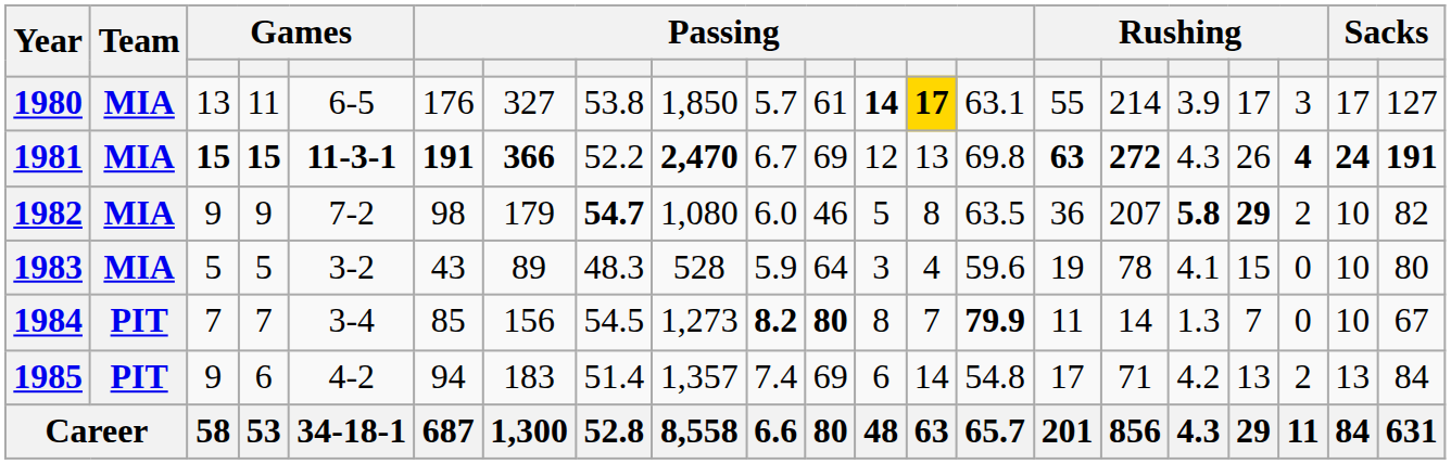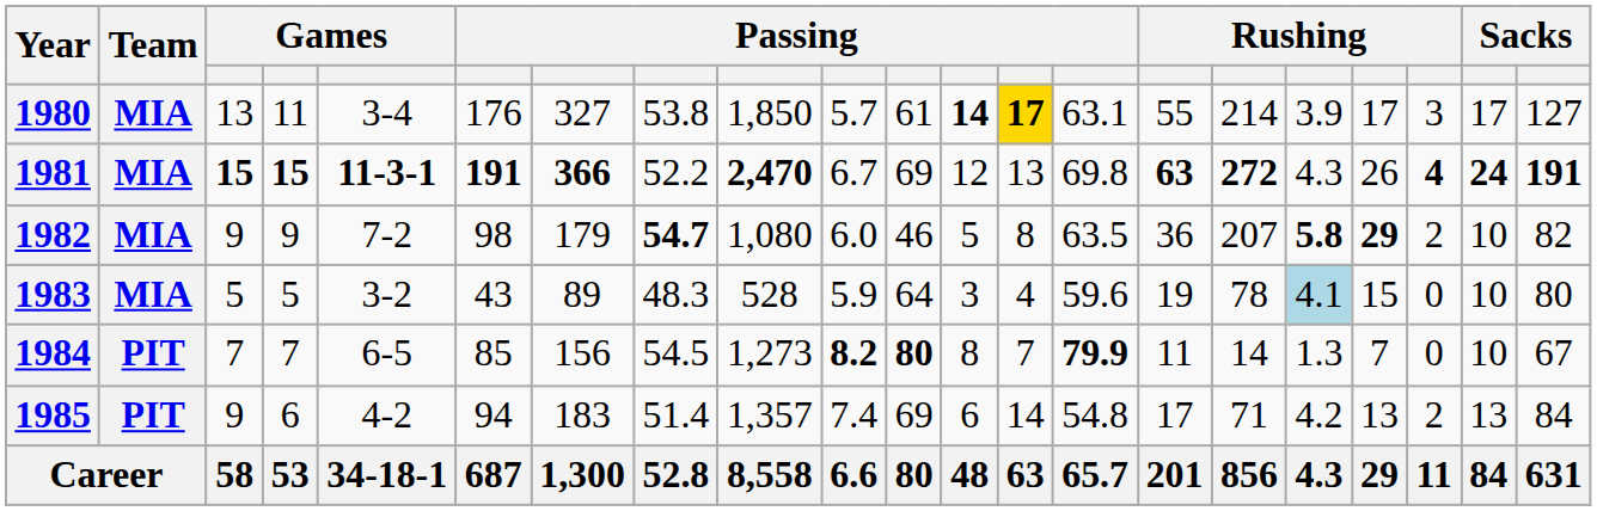 <table class="wikitable" style="text-align:center;">
 <tr>
 <th rowspan="2">Year</th>
 <th rowspan="2">Team</th>
 <th colspan="3">Games</th>
 <th colspan="9">Passing</th>
 <th colspan="5">Rushing</th>
 <th colspan="2">Sacks</th>
 </tr>
 <tr>
 <th></th>
 <th></th>
 <th></th>
 <th></th>
 <th></th>
 <th></th>
 <th></th>
 <th></th>
 <th></th>
 <th></th>
 <th></th>
 <th></th>
 <th></th>
 <th></th>
 <th></th>
 <th></th>
 <th></th>
 <th></th>
 <th></th>
 </tr>
 <tr>
 <th><a href='#'>1980</a></th>
 <th><a href='#'>MIA</a></th>
 <td>13</td>
 <td>11</td>
-<td>6-5</td>
+<td>3-4</td>
 <td>176</td>
 <td>327</td>
 <td>53.8</td>
 <td>1,850</td>
 <td>5.7</td>
 <td>61</td>
 <td><strong>14</strong></td>
 <td style="background: gold;"><strong>17</strong></td>
 <td>63.1</td>
 <td>55</td>
 <td>214</td>
 <td>3.9</td>
 <td>17</td>
 <td>3</td>
 <td>17</td>
 <td>127</td>
 </tr>
 <tr>
 <th><a href='#'>1981</a></th>
 <th><a href='#'>MIA</a></th>
 <td><strong>15</strong></td>
 <td><strong>15</strong></td>
 <td><strong>11-3-1</strong></td>
 <td><strong>191</strong></td>
 <td><strong>366</strong></td>
 <td>52.2</td>
 <td><strong>2,470</strong></td>
 <td>6.7</td>
 <td>69</td>
 <td>12</td>
 <td>13</td>
 <td>69.8</td>
 <td><strong>63</strong></td>
 <td><strong>272</strong></td>
 <td>4.3</td>
 <td>26</td>
 <td><strong>4</strong></td>
 <td><strong>24</strong></td>
 <td><strong>191</strong></td>
 </tr>
 <tr>
 <th><a href='#'>1982</a></th>
 <th><a href='#'>MIA</a></th>
 <td>9</td>
 <td>9</td>
 <td>7-2</td>
 <td>98</td>
 <td>179</td>
 <td><strong>54.7</strong></td>
 <td>1,080</td>
 <td>6.0</td>
 <td>46</td>
 <td>5</td>
 <td>8</td>
 <td>63.5</td>
 <td>36</td>
 <td>207</td>
 <td><strong>5.8</strong></td>
 <td><strong>29</strong></td>
 <td>2</td>
 <td>10</td>
 <td>82</td>
 </tr>
 <tr>
 <th><a href='#'>1983</a></th>
 <th><a href='#'>MIA</a></th>
 <td>5</td>
 <td>5</td>
 <td>3-2</td>
 <td>43</td>
 <td>89</td>
 <td>48.3</td>
 <td>528</td>
 <td>5.9</td>
 <td>64</td>
 <td>3</td>
 <td>4</td>
 <td>59.6</td>
 <td>19</td>
 <td>78</td>
-<td>4.1</td>
+<td style="background: lightblue;">4.1</td>
 <td>15</td>
 <td>0</td>
 <td>10</td>
 <td>80</td>
 </tr>
 <tr>
 <th><a href='#'>1984</a></th>
 <th><a href='#'>PIT</a></th>
 <td>7</td>
 <td>7</td>
-<td>3-4</td>
+<td>6-5</td>
 <td>85</td>
 <td>156</td>
 <td>54.5</td>
 <td>1,273</td>
 <td><strong>8.2</strong></td>
 <td><strong>80</strong></td>
 <td>8</td>
 <td>7</td>
 <td><strong>79.9</strong></td>
 <td>11</td>
 <td>14</td>
 <td>1.3</td>
 <td>7</td>
 <td>0</td>
 <td>10</td>
 <td>67</td>
 </tr>
 <tr>
 <th><a href='#'>1985</a></th>
 <th><a href='#'>PIT</a></th>
 <td>9</td>
 <td>6</td>
 <td>4-2</td>
 <td>94</td>
 <td>183</td>
 <td>51.4</td>
 <td>1,357</td>
 <td>7.4</td>
 <td>69</td>
 <td>6</td>
 <td>14</td>
 <td>54.8</td>
 <td>17</td>
 <td>71</td>
 <td>4.2</td>
 <td>13</td>
 <td>2</td>
 <td>13</td>
 <td>84</td>
 </tr>
 <tr>
 <th colspan="2">Career</th>
 <th>58</th>
 <th>53</th>
 <th>34-18-1</th>
 <th>687</th>
 <th>1,300</th>
 <th>52.8</th>
 <th>8,558</th>
 <th>6.6</th>
 <th>80</th>
 <th>48</th>
 <th>63</th>
 <th>65.7</th>
 <th>201</th>
 <th>856</th>
 <th>4.3</th>
 <th>29</th>
 <th>11</th>
 <th>84</th>
 <th>631</th>
 </tr>
 </table>
